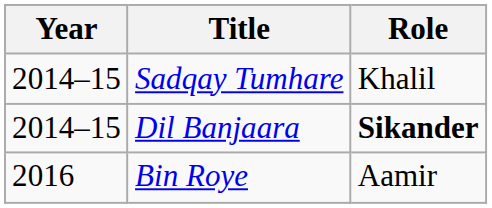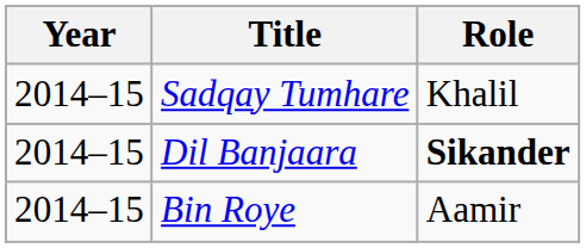 <table class="wikitable sortable">
 <tr style="text align:center;">
 <th>Year</th>
 <th>Title</th>
 <th>Role</th>
 </tr>
 <tr>
 <td>2014–15</td>
 <td><em><a href='#'>Sadqay Tumhare</a></em></td>
 <td>Khalil</td>
 </tr>
 <tr>
 <td>2014–15</td>
 <td><em><a href='#'>Dil Banjaara</a></em></td>
 <td><strong>Sikander</strong></td>
 </tr>
 <tr>
-<td>2016</td>
+<td>2014–15</td>
 <td><a href='#'><em>Bin Roye</em></a></td>
 <td>Aamir</td>
 </tr>
 </table>
